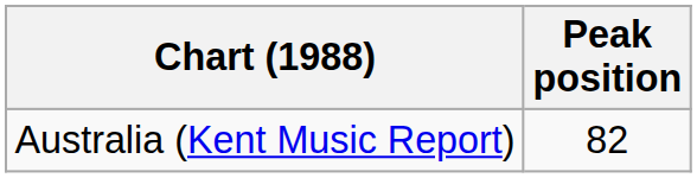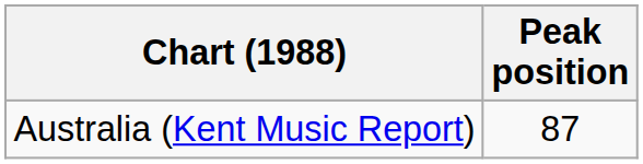 <table class="wikitable">
 <tr>
 <th scope="col">Chart (1988)</th>
 <th>Peak<br>position</th>
 </tr>
 <tr>
 <td>Australia (<a href='#'>Kent Music Report</a>)</td>
-<td style="text-align:center;">82</td>
+<td style="text-align:center;">87</td>
 </tr>
 </table>
